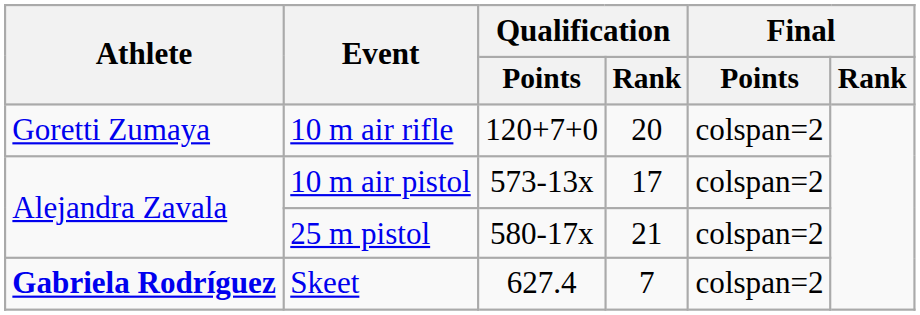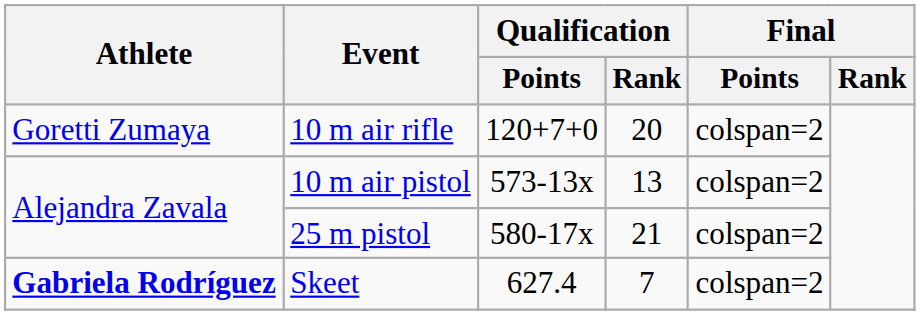 <table class=wikitable style=font-size:90%;text-align:center>
 <tr>
 <th rowspan=2>Athlete</th>
 <th rowspan=2>Event</th>
 <th colspan=2>Qualification</th>
 <th colspan=2>Final</th>
 </tr>
 <tr style=font-size:95%>
 <th>Points</th>
 <th>Rank</th>
 <th>Points</th>
 <th>Rank</th>
 </tr>
 <tr>
 <td align=left><a href='#'>Goretti Zumaya</a></td>
 <td align=left><a href='#'>10 m air rifle</a></td>
 <td>120+7+0</td>
 <td>20</td>
 <td>colspan=2</td>
 </tr>
 <tr>
 <td align=left rowspan=2><a href='#'>Alejandra Zavala</a></td>
 <td align=left><a href='#'>10 m air pistol</a></td>
 <td>573-13x</td>
-<td>17</td>
+<td>13</td>
 <td>colspan=2</td>
 </tr>
 <tr>
 <td align=left><a href='#'>25 m pistol</a></td>
 <td>580-17x</td>
 <td>21</td>
 <td>colspan=2</td>
 </tr>
 <tr>
 <td align=left><strong><a href='#'>Gabriela Rodríguez</a></strong></td>
 <td align=left><a href='#'>Skeet</a></td>
 <td>627.4</td>
 <td>7</td>
 <td>colspan=2</td>
 </tr>
 </table>
